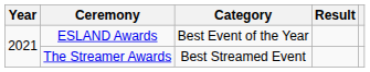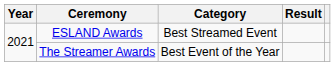 <table class="wikitable" style="text-align:center;">
 <tr>
 <th>Year</th>
 <th>Ceremony</th>
 <th>Category</th>
 <th>Result</th>
 <th></th>
 </tr>
 <tr>
 <td rowspan="2">2021</td>
 <td><a href='#'>ESLAND Awards</a></td>
-<td>Best Event of the Year</td>
+<td>Best Streamed Event</td>
 <td></td>
 <td></td>
 </tr>
 <tr>
 <td><a href='#'>The Streamer Awards</a></td>
-<td>Best Streamed Event</td>
+<td>Best Event of the Year</td>
 <td></td>
 <td></td>
 </tr>
 </table>
